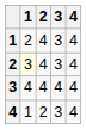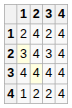 <table class=wikitable style="text-align: center;">
 <tr>
 <th></th>
 <th>1</th>
 <th>2</th>
 <th>3</th>
 <th>4</th>
 </tr>
 <tr>
 <th>1</th>
 <td>2</td>
 <td>4</td>
-<td>3</td>
+<td>2</td>
 <td>4</td>
 </tr>
 <tr>
 <th>2</th>
 <td style="background: lightyellow;">3</td>
 <td>4</td>
 <td>3</td>
 <td>4</td>
 </tr>
 <tr>
 <th>3</th>
 <td>4</td>
-<td>4</td>
+<td style="background: lightyellow;">4</td>
 <td>4</td>
 <td>4</td>
 </tr>
 <tr>
 <th>4</th>
 <td>1</td>
 <td>2</td>
-<td>3</td>
+<td>2</td>
 <td>4</td>
 </tr>
 </table>
